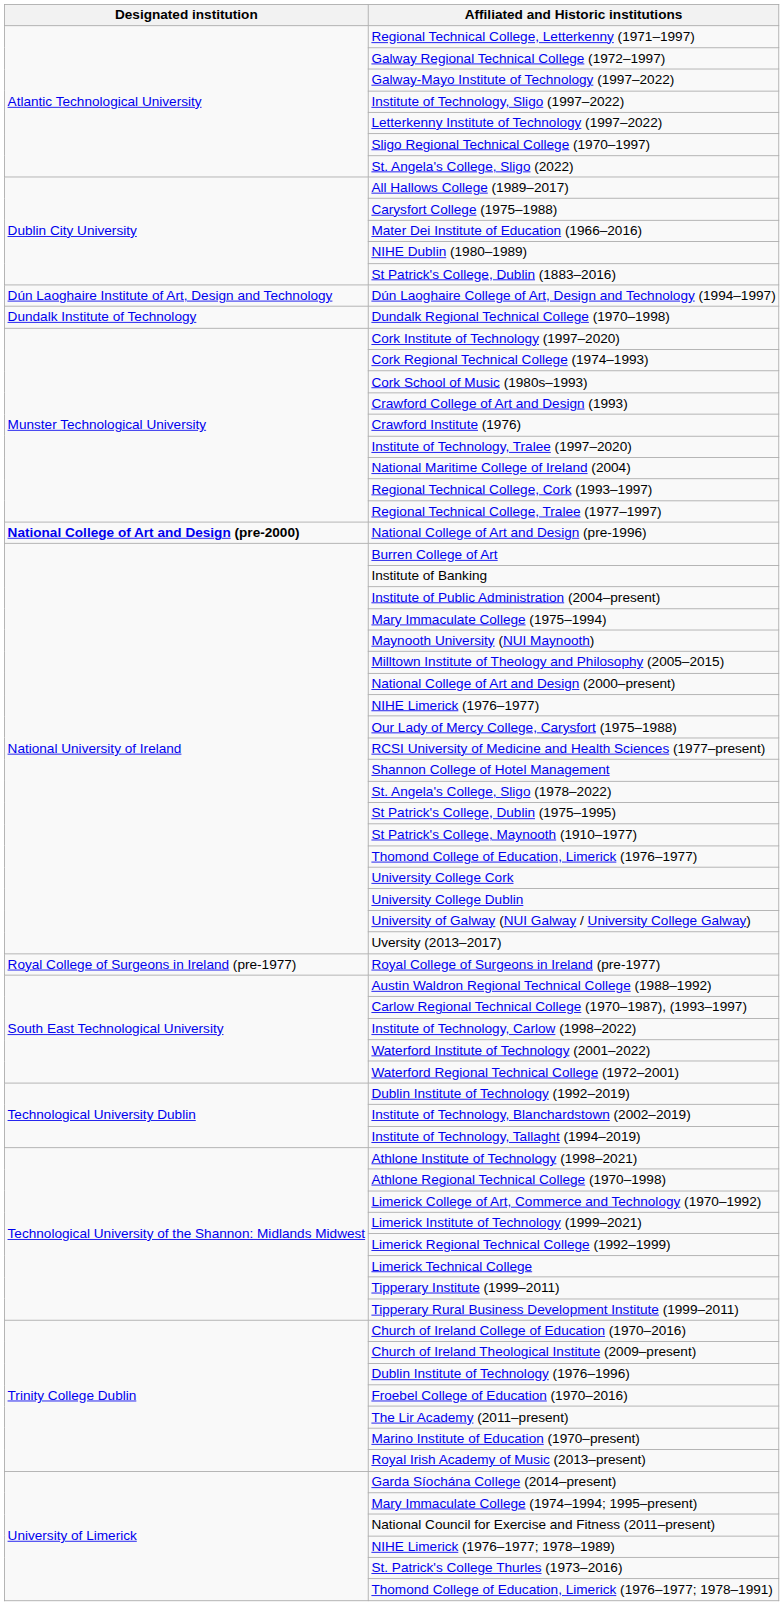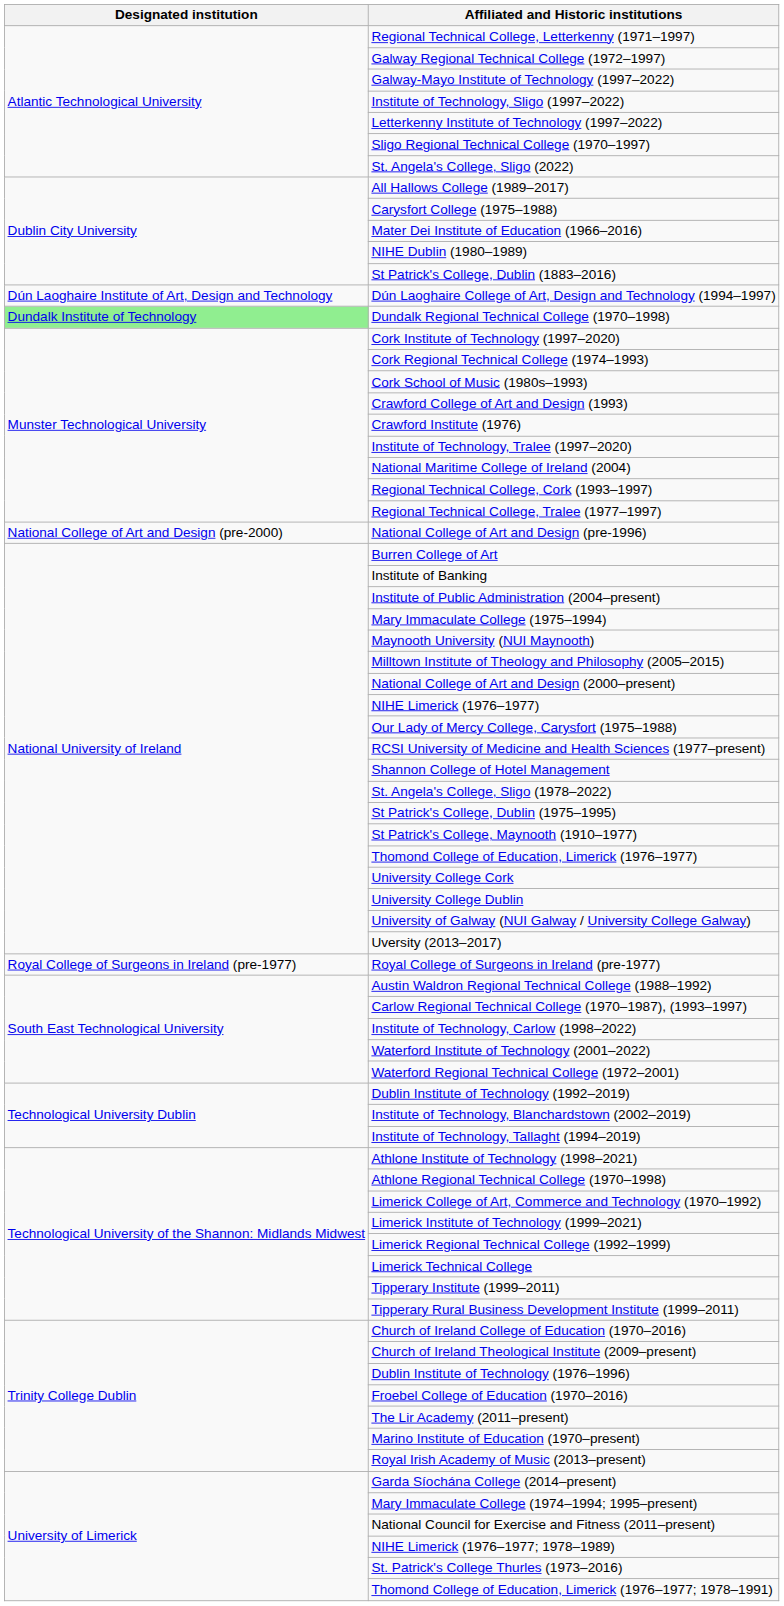 <table class = "wikitable">
 <tr>
 <th>Designated institution</th>
 <th>Affiliated and Historic institutions</th>
 </tr>
 <tr>
 <td rowspan=7><a href='#'>Atlantic Technological University</a></td>
 <td><a href='#'>Regional Technical College, Letterkenny</a> (1971–1997)</td>
 </tr>
 <tr>
 <td><a href='#'>Galway Regional Technical College</a> (1972–1997)</td>
 </tr>
 <tr>
 <td><a href='#'>Galway-Mayo Institute of Technology</a> (1997–2022)</td>
 </tr>
 <tr>
 <td><a href='#'>Institute of Technology, Sligo</a>	(1997–2022)</td>
 </tr>
 <tr>
 <td><a href='#'>Letterkenny Institute of Technology</a> (1997–2022)</td>
 </tr>
 <tr>
 <td><a href='#'>Sligo Regional Technical College</a> (1970–1997)</td>
 </tr>
 <tr>
 <td><a href='#'>St. Angela's College, Sligo</a> (2022)</td>
 </tr>
 <tr>
 <td rowspan=5><a href='#'>Dublin City University</a></td>
 <td><a href='#'>All Hallows College</a> (1989–2017)</td>
 </tr>
 <tr>
 <td><a href='#'>Carysfort College</a> (1975–1988)</td>
 </tr>
 <tr>
 <td><a href='#'>Mater Dei Institute of Education</a> (1966–2016)</td>
 </tr>
 <tr>
 <td><a href='#'>NIHE Dublin</a> (1980–1989)</td>
 </tr>
 <tr>
 <td><a href='#'>St Patrick's College, Dublin</a> (1883–2016)</td>
 </tr>
 <tr>
 <td><a href='#'>Dún Laoghaire Institute of Art, Design and Technology</a></td>
 <td><a href='#'>Dún Laoghaire College of Art, Design and Technology</a> (1994–1997)</td>
 </tr>
 <tr>
-<td><a href='#'>Dundalk Institute of Technology</a></td>
+<td style="background: lightgreen;"><a href='#'>Dundalk Institute of Technology</a></td>
 <td><a href='#'>Dundalk Regional Technical College</a> (1970–1998)</td>
 </tr>
 <tr>
 <td rowspan=9><a href='#'>Munster Technological University</a></td>
 <td><a href='#'>Cork Institute of Technology</a> (1997–2020)</td>
 </tr>
 <tr>
 <td><a href='#'>Cork Regional Technical College</a> (1974–1993)</td>
 </tr>
 <tr>
 <td><a href='#'>Cork School of Music</a> (1980s–1993)</td>
 </tr>
 <tr>
 <td><a href='#'>Crawford College of Art and Design</a> (1993)</td>
 </tr>
 <tr>
 <td><a href='#'>Crawford Institute</a> (1976)</td>
 </tr>
 <tr>
 <td><a href='#'>Institute of Technology, Tralee</a> (1997–2020)</td>
 </tr>
 <tr>
 <td><a href='#'>National Maritime College of Ireland</a> (2004)</td>
 </tr>
 <tr>
 <td><a href='#'>Regional Technical College, Cork</a> (1993–1997)</td>
 </tr>
 <tr>
 <td><a href='#'>Regional Technical College, Tralee</a> (1977–1997)</td>
 </tr>
 <tr>
-<td><strong><a href='#'>National College of Art and Design</a> (pre-2000)</strong></td>
+<td><a href='#'>National College of Art and Design</a> (pre-2000)</td>
 <td><a href='#'>National College of Art and Design</a> (pre-1996)</td>
 </tr>
 <tr>
 <td rowspan=19><a href='#'>National University of Ireland</a></td>
 <td><a href='#'>Burren College of Art</a></td>
 </tr>
 <tr>
 <td>Institute of Banking</td>
 </tr>
 <tr>
 <td><a href='#'>Institute of Public Administration</a> (2004–present)</td>
 </tr>
 <tr>
 <td><a href='#'>Mary Immaculate College</a> (1975–1994)</td>
 </tr>
 <tr>
 <td><a href='#'>Maynooth University</a> (<a href='#'>NUI Maynooth</a>)</td>
 </tr>
 <tr>
 <td><a href='#'>Milltown Institute of Theology and Philosophy</a> (2005–2015)</td>
 </tr>
 <tr>
 <td><a href='#'>National College of Art and Design</a> (2000–present)</td>
 </tr>
 <tr>
 <td><a href='#'>NIHE Limerick</a> (1976–1977)</td>
 </tr>
 <tr>
 <td><a href='#'>Our Lady of Mercy College, Carysfort</a> (1975–1988)</td>
 </tr>
 <tr>
 <td><a href='#'>RCSI University of Medicine and Health Sciences</a> (1977–present)</td>
 </tr>
 <tr>
 <td><a href='#'>Shannon College of Hotel Management</a></td>
 </tr>
 <tr>
 <td><a href='#'>St. Angela's College, Sligo</a> (1978–2022)</td>
 </tr>
 <tr>
 <td><a href='#'>St Patrick's College, Dublin</a> (1975–1995)</td>
 </tr>
 <tr>
 <td><a href='#'>St Patrick's College, Maynooth</a> (1910–1977)</td>
 </tr>
 <tr>
 <td><a href='#'>Thomond College of Education, Limerick</a> (1976–1977)</td>
 </tr>
 <tr>
 <td><a href='#'>University College Cork</a></td>
 </tr>
 <tr>
 <td><a href='#'>University College Dublin</a></td>
 </tr>
 <tr>
 <td><a href='#'>University of Galway</a> (<a href='#'>NUI Galway</a> / <a href='#'>University College Galway</a>)</td>
 </tr>
 <tr>
 <td>Uversity (2013–2017)</td>
 </tr>
 <tr>
 <td><a href='#'>Royal College of Surgeons in Ireland</a> (pre-1977)</td>
 <td><a href='#'>Royal College of Surgeons in Ireland</a> (pre-1977)</td>
 </tr>
 <tr>
 <td rowspan=5><a href='#'>South East Technological University</a></td>
 <td><a href='#'>Austin Waldron Regional Technical College</a> (1988–1992)</td>
 </tr>
 <tr>
 <td><a href='#'>Carlow Regional Technical College</a> (1970–1987), (1993–1997)</td>
 </tr>
 <tr>
 <td><a href='#'>Institute of Technology, Carlow</a> (1998–2022)</td>
 </tr>
 <tr>
 <td><a href='#'>Waterford Institute of Technology</a> (2001–2022)</td>
 </tr>
 <tr>
 <td><a href='#'>Waterford Regional Technical College</a> (1972–2001)</td>
 </tr>
 <tr>
 <td rowspan=3><a href='#'>Technological University Dublin</a></td>
 <td><a href='#'>Dublin Institute of Technology</a> (1992–2019)</td>
 </tr>
 <tr>
 <td><a href='#'>Institute of Technology, Blanchardstown</a> (2002–2019)</td>
 </tr>
 <tr>
 <td><a href='#'>Institute of Technology, Tallaght</a> (1994–2019)</td>
 </tr>
 <tr>
 <td rowspan=8><a href='#'>Technological University of the Shannon: Midlands Midwest</a></td>
 <td><a href='#'>Athlone Institute of Technology</a> (1998–2021)</td>
 </tr>
 <tr>
 <td><a href='#'>Athlone Regional Technical College</a> (1970–1998)</td>
 </tr>
 <tr>
 <td><a href='#'>Limerick College of Art, Commerce and Technology</a> (1970–1992)</td>
 </tr>
 <tr>
 <td><a href='#'>Limerick Institute of Technology</a> (1999–2021)</td>
 </tr>
 <tr>
 <td><a href='#'>Limerick Regional Technical College</a> (1992–1999)</td>
 </tr>
 <tr>
 <td><a href='#'>Limerick Technical College</a></td>
 </tr>
 <tr>
 <td><a href='#'>Tipperary Institute</a> (1999–2011)</td>
 </tr>
 <tr>
 <td><a href='#'>Tipperary Rural Business Development Institute</a> (1999–2011)</td>
 </tr>
 <tr>
 <td rowspan=7><a href='#'>Trinity College Dublin</a></td>
 <td><a href='#'>Church of Ireland College of Education</a> (1970–2016)</td>
 </tr>
 <tr>
 <td><a href='#'>Church of Ireland Theological Institute</a> (2009–present)</td>
 </tr>
 <tr>
 <td><a href='#'>Dublin Institute of Technology</a> (1976–1996)</td>
 </tr>
 <tr>
 <td><a href='#'>Froebel College of Education</a> (1970–2016)</td>
 </tr>
 <tr>
 <td><a href='#'>The Lir Academy</a> (2011–present)</td>
 </tr>
 <tr>
 <td><a href='#'>Marino Institute of Education</a> (1970–present)</td>
 </tr>
 <tr>
 <td><a href='#'>Royal Irish Academy of Music</a> (2013–present)</td>
 </tr>
 <tr>
 <td rowspan=6><a href='#'>University of Limerick</a></td>
 <td><a href='#'>Garda Síochána College</a> (2014–present)</td>
 </tr>
 <tr>
 <td><a href='#'>Mary Immaculate College</a> (1974–1994; 1995–present)</td>
 </tr>
 <tr>
 <td>National Council for Exercise and Fitness (2011–present)</td>
 </tr>
 <tr>
 <td><a href='#'>NIHE Limerick</a> (1976–1977; 1978–1989)</td>
 </tr>
 <tr>
 <td><a href='#'>St. Patrick's College Thurles</a> (1973–2016)</td>
 </tr>
 <tr>
 <td><a href='#'>Thomond College of Education, Limerick</a> (1976–1977; 1978–1991)</td>
 </tr>
 </table>
